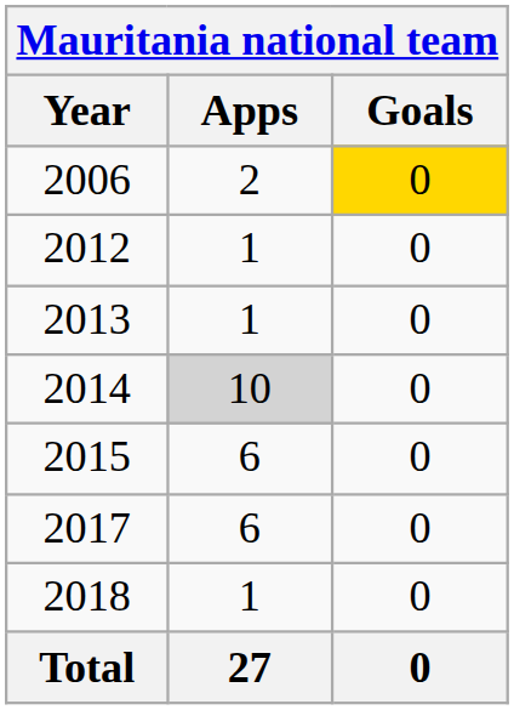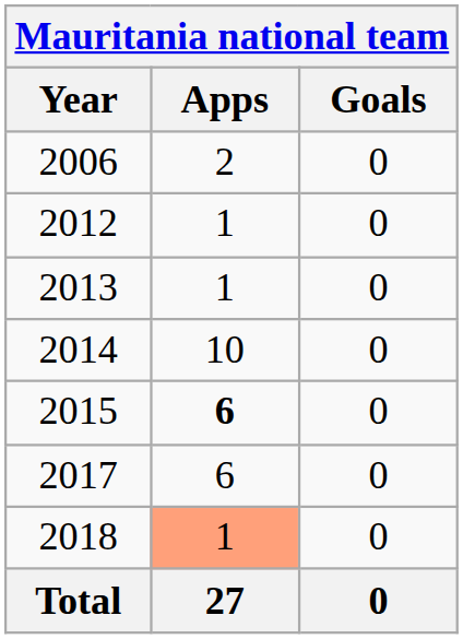 <table class="wikitable" style="text-align:center">
 <tr>
 <th colspan=3><a href='#'>Mauritania national team</a></th>
 </tr>
 <tr>
 <th>Year</th>
 <th>Apps</th>
 <th>Goals</th>
 </tr>
 <tr>
 <td>2006</td>
 <td>2</td>
-<td style="background: gold;">0</td>
+<td>0</td>
 </tr>
 <tr>
 <td>2012</td>
 <td>1</td>
 <td>0</td>
 </tr>
 <tr>
 <td>2013</td>
 <td>1</td>
 <td>0</td>
 </tr>
 <tr>
 <td>2014</td>
-<td style="background: lightgrey;">10</td>
+<td>10</td>
 <td>0</td>
 </tr>
 <tr>
 <td>2015</td>
-<td>6</td>
+<td><strong>6</strong></td>
 <td>0</td>
 </tr>
 <tr>
 <td>2017</td>
 <td>6</td>
 <td>0</td>
 </tr>
 <tr>
 <td>2018</td>
-<td>1</td>
+<td style="background: lightsalmon;">1</td>
 <td>0</td>
 </tr>
 <tr>
 <th>Total</th>
 <th>27</th>
 <th>0</th>
 </tr>
 </table>
